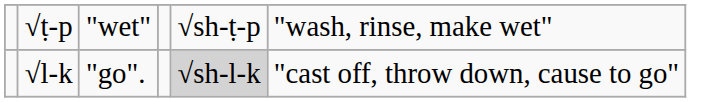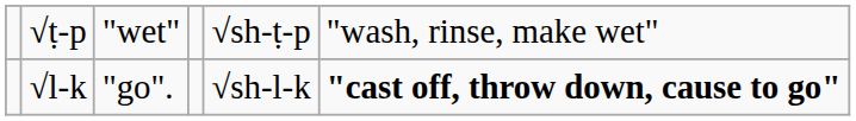 <table class="wikitable">
 <tr>
 <td style="text-align: right"></td>
 <td>√ṭ-p</td>
 <td>"wet"</td>
 <td style="text-align: right"></td>
 <td>√sh-ṭ-p</td>
 <td>"wash, rinse, make wet"</td>
 </tr>
 <tr>
 <td style="text-align: right"></td>
 <td>√l-k</td>
 <td>"go".</td>
 <td style="text-align: right"></td>
-<td style="background: lightgrey;">√sh-l-k</td>
-<td>"cast off, throw down, cause to go"</td>
+<td>√sh-l-k</td>
+<td><strong>"cast off, throw down, cause to go"</strong></td>
 </tr>
 </table>
